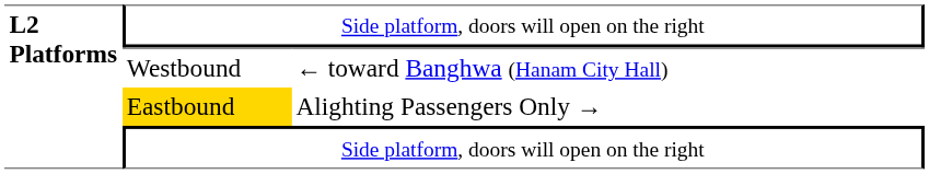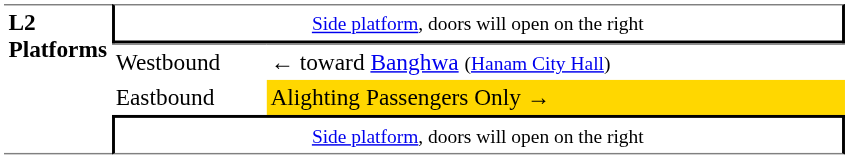 <table table border=0 cellspacing=0 cellpadding=3>
 <tr>
 <td style="border-top:solid 1px gray;border-bottom:solid 1px gray;" width=50 rowspan=10 valign=top><strong>L2<br>Platforms</strong></td>
 <td style="border-top:solid 1px gray;border-right:solid 2px black;border-left:solid 2px black;border-bottom:solid 2px black;text-align:center;" colspan=2><small><a href='#'>Side platform</a>, doors will open on the right</small></td>
 </tr>
 <tr>
 <td style="border-bottom:solid 0px gray;border-top:solid 1px gray;" width=100>Westbound</td>
 <td style="border-bottom:solid 0px gray;border-top:solid 1px gray;" width=390>←  toward <a href='#'>Banghwa</a> <small>(<a href='#'>Hanam City Hall</a>)</small></td>
 </tr>
 <tr>
-<td style="background: gold;">Eastbound</td>
-<td>  Alighting Passengers Only →</td>
+<td>Eastbound</td>
+<td style="background: gold;">  Alighting Passengers Only →</td>
 </tr>
 <tr>
 <td style="border-top:solid 2px black;border-right:solid 2px black;border-left:solid 2px black;border-bottom:solid 1px gray;text-align:center;" colspan=2><small><a href='#'>Side platform</a>, doors will open on the right</small></td>
 </tr>
 </table>
